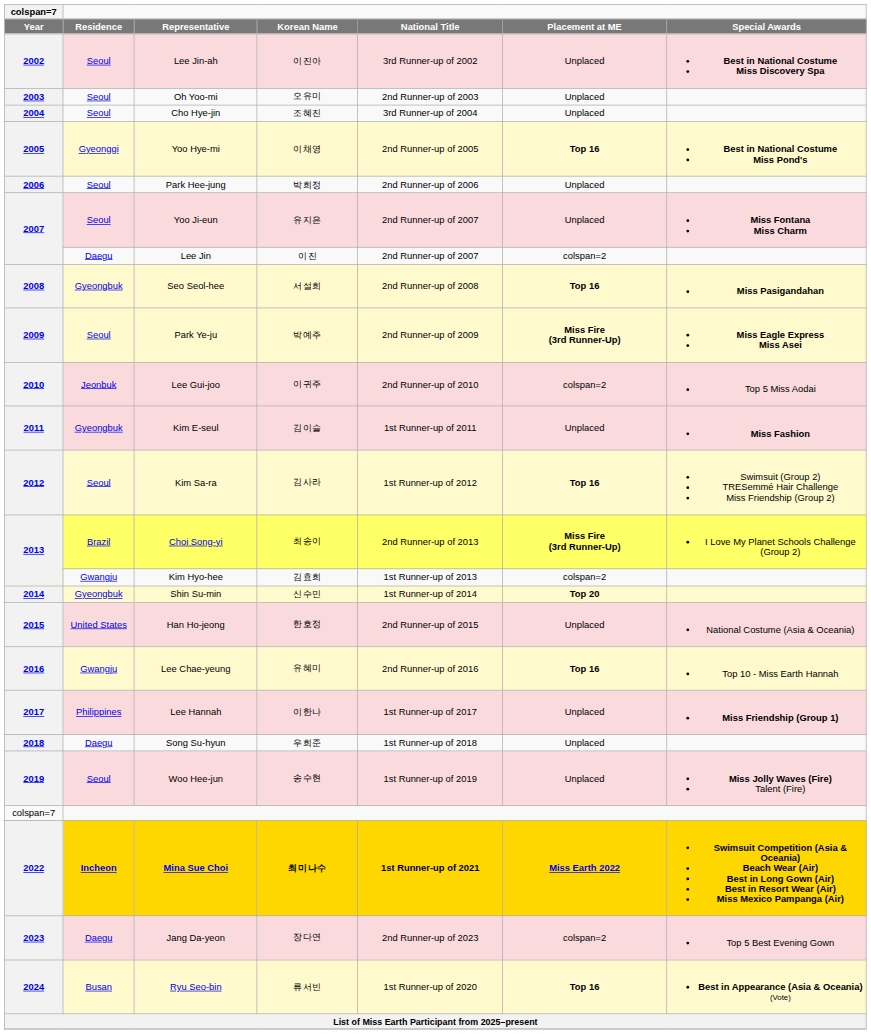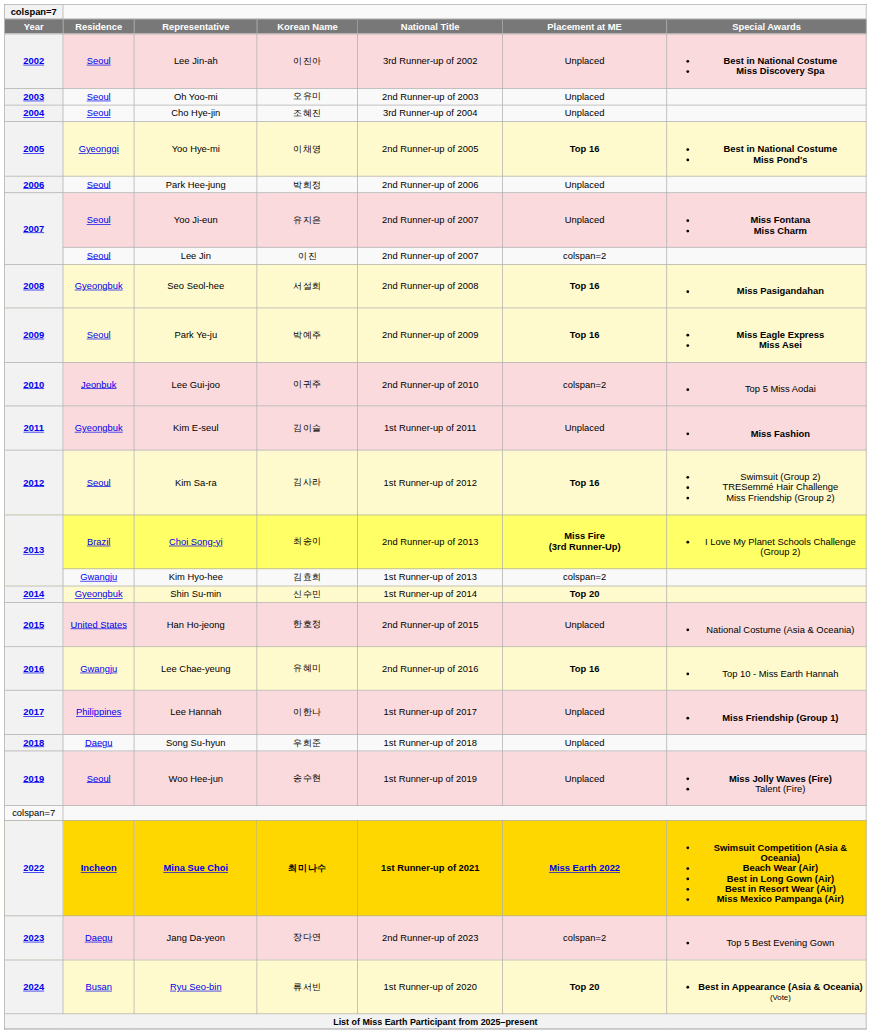 <table class="wikitable sortable" style="font-size: 85%; text-align:center">
 <tr>
 <th>colspan=7 </th>
 </tr>
 <tr>
 <th width="80" style="background-color:#787878;color:#FFFFFF;">Year</th>
 <th width="100" style="background-color:#787878;color:#FFFFFF;">Residence</th>
 <th width="180" style="background-color:#787878;color:#FFFFFF;">Representative</th>
 <th width="150" style="background-color:#787878;color:#FFFFFF;">Korean Name</th>
 <th width="220" style="background-color:#787878;color:#FFFFFF;">National Title</th>
 <th width="250" style="background-color:#787878;color:#FFFFFF;">Placement at ME</th>
 <th width="300" style="background-color:#787878;color:#FFFFFF;">Special Awards</th>
 </tr>
 <tr style="background-color:#FADADD;: bold">
 <th><a href='#'>2002</a></th>
 <td><a href='#'>Seoul</a></td>
 <td>Lee Jin-ah</td>
 <td>이진아</td>
 <td>3rd Runner-up of 2002</td>
 <td>Unplaced</td>
 <td><br><ul><li><strong>Best in National Costume</strong></li><li><strong>Miss Discovery Spa</strong></li></ul></td>
 </tr>
 <tr>
 <th><a href='#'>2003</a></th>
 <td><a href='#'>Seoul</a></td>
 <td>Oh Yoo-mi</td>
 <td>오유미</td>
 <td>2nd Runner-up of 2003</td>
 <td>Unplaced</td>
 <td></td>
 </tr>
 <tr>
 <th><a href='#'>2004</a></th>
 <td><a href='#'>Seoul</a></td>
 <td>Cho Hye-jin</td>
 <td>조혜진</td>
 <td>3rd Runner-up of 2004</td>
 <td>Unplaced</td>
 <td></td>
 </tr>
 <tr style="background-color:#FFFACD; ">
 <th><a href='#'>2005</a></th>
 <td><a href='#'>Gyeonggi</a></td>
 <td>Yoo Hye-mi</td>
 <td>이채영</td>
 <td>2nd Runner-up of 2005</td>
 <td><strong>Top 16</strong></td>
 <td><br><ul><li><strong>Best in National Costume</strong></li><li><strong>Miss Pond's</strong></li></ul></td>
 </tr>
 <tr>
 <th><a href='#'>2006</a></th>
 <td><a href='#'>Seoul</a></td>
 <td>Park Hee-jung</td>
 <td>박희정</td>
 <td>2nd Runner-up of 2006</td>
 <td>Unplaced</td>
 <td></td>
 </tr>
 <tr style="background-color:#FADADD;: bold">
 <th rowspan="2"><a href='#'>2007</a></th>
 <td><a href='#'>Seoul</a></td>
 <td>Yoo Ji-eun</td>
 <td>유지은</td>
 <td>2nd Runner-up of 2007</td>
 <td>Unplaced</td>
 <td><br><ul><li><strong>Miss Fontana</strong></li><li><strong>Miss Charm</strong></li></ul></td>
 </tr>
 <tr>
-<td><a href='#'>Daegu</a></td>
+<td><a href='#'>Seoul</a></td>
 <td>Lee Jin</td>
 <td>이진</td>
 <td>2nd Runner-up of 2007</td>
 <td>colspan=2 </td>
 </tr>
 <tr style="background-color:#FFFACD; ">
 <th><a href='#'>2008</a></th>
 <td><a href='#'>Gyeongbuk</a></td>
 <td>Seo Seol-hee</td>
 <td>서설희</td>
 <td>2nd Runner-up of 2008</td>
 <td><strong>Top 16</strong></td>
 <td><br><ul><li><strong>Miss Pasigandahan</strong></li></ul></td>
 </tr>
 <tr style="background-color:#FFFACD; ">
 <th><a href='#'>2009</a></th>
 <td><a href='#'>Seoul</a></td>
 <td>Park Ye-ju</td>
 <td>박예주</td>
 <td>2nd Runner-up of 2009</td>
-<td><strong>Miss Fire <br>(3rd Runner-Up)</strong></td>
+<td><strong>Top 16</strong></td>
 <td><br><ul><li><strong>Miss Eagle Express</strong></li><li><strong>Miss Asei</strong></li></ul></td>
 </tr>
 <tr style="background-color:#FADADD;: bold">
 <th><a href='#'>2010</a></th>
 <td><a href='#'>Jeonbuk</a></td>
 <td>Lee Gui-joo</td>
 <td>이귀주</td>
 <td>2nd Runner-up of 2010</td>
 <td>colspan=2 </td>
 <td><br><ul><li>Top 5 Miss Aodai</li></ul></td>
 </tr>
 <tr style="background-color:#FADADD;: bold">
 <th><a href='#'>2011</a></th>
 <td><a href='#'>Gyeongbuk</a></td>
 <td>Kim E-seul</td>
 <td>김이슬</td>
 <td>1st Runner-up of 2011</td>
 <td>Unplaced</td>
 <td><br><ul><li><strong>Miss Fashion</strong></li></ul></td>
 </tr>
 <tr style="background-color:#FFFACD; ">
 <th><a href='#'>2012</a></th>
 <td><a href='#'>Seoul</a></td>
 <td>Kim Sa-ra</td>
 <td>김사라</td>
 <td>1st Runner-up of 2012</td>
 <td><strong>Top 16</strong></td>
 <td><br><ul><li> Swimsuit (Group 2)</li><li> TRESemmé Hair Challenge</li><li> Miss Friendship (Group 2)</li></ul></td>
 </tr>
 <tr style="background-color:#FFFF66; ">
 <th rowspan="2"><a href='#'>2013</a></th>
 <td><a href='#'>Brazil</a></td>
 <td><a href='#'>Choi Song-yi</a></td>
 <td>최송이</td>
 <td>2nd Runner-up of 2013</td>
 <td><strong>Miss Fire <br>(3rd Runner-Up)</strong></td>
 <td><br><ul><li> I Love My Planet Schools Challenge (Group 2)</li></ul></td>
 </tr>
 <tr>
 <td><a href='#'>Gwangju</a></td>
 <td>Kim Hyo-hee</td>
 <td>김효희</td>
 <td>1st Runner-up of 2013</td>
 <td>colspan=2 </td>
 </tr>
 <tr style="background-color:#FFFACD; ">
 <th><a href='#'>2014</a></th>
 <td><a href='#'>Gyeongbuk</a></td>
 <td>Shin Su-min</td>
 <td>신수민</td>
 <td>1st Runner-up of 2014</td>
 <td><strong>Top 20</strong></td>
 <td></td>
 </tr>
 <tr style="background-color:#FADADD;: bold">
 <th><a href='#'>2015</a></th>
 <td><a href='#'>United States</a></td>
 <td>Han Ho-jeong</td>
 <td>한호정</td>
 <td>2nd Runner-up of 2015</td>
 <td>Unplaced</td>
 <td><br><ul><li> National Costume (Asia & Oceania)</li></ul></td>
 </tr>
 <tr style="background-color:#FFFACD;">
 <th><a href='#'>2016</a></th>
 <td><a href='#'>Gwangju</a></td>
 <td>Lee Chae-yeung</td>
 <td>유혜미</td>
 <td>2nd Runner-up of 2016</td>
 <td><strong>Top 16</strong></td>
 <td><br><ul><li>Top 10 - Miss Earth Hannah</li></ul></td>
 </tr>
 <tr style="background-color:#FADADD;: bold">
 <th><a href='#'>2017</a></th>
 <td><a href='#'>Philippines</a></td>
 <td>Lee Hannah</td>
 <td>이한나</td>
 <td>1st Runner-up of 2017</td>
 <td>Unplaced</td>
 <td><br><ul><li><strong> Miss Friendship (Group 1)</strong></li></ul></td>
 </tr>
 <tr>
 <th><a href='#'>2018</a></th>
 <td><a href='#'>Daegu</a></td>
 <td>Song Su-hyun</td>
 <td>우희준</td>
 <td>1st Runner-up of 2018</td>
 <td>Unplaced</td>
 <td></td>
 </tr>
 <tr style="background-color:#FADADD;: bold">
 <th><a href='#'>2019</a></th>
 <td><a href='#'>Seoul</a></td>
 <td>Woo Hee-jun</td>
 <td>송수현</td>
 <td>1st Runner-up of 2019</td>
 <td>Unplaced</td>
 <td><br><ul><li><strong>Miss Jolly Waves (Fire)</strong></li><li> Talent (Fire)</li></ul></td>
 </tr>
 <tr>
 <td>colspan=7 </td>
 </tr>
 <tr align="center" style="background:gold; font-weight: bold">
 <th><a href='#'>2022</a></th>
 <td><a href='#'>Incheon</a></td>
 <td><a href='#'>Mina Sue Choi</a></td>
 <td>최미나수</td>
 <td>1st Runner-up of 2021</td>
 <td><a href='#'>Miss Earth 2022</a></td>
 <td><br><ul><li><strong> Swimsuit Competition (Asia & Oceania)</strong></li><li><strong> Beach Wear (Air)</strong></li><li><strong> Best in Long Gown (Air)</strong></li><li><strong> Best in Resort Wear (Air)</strong></li><li><strong>Miss Mexico Pampanga (Air)</strong></li></ul></td>
 </tr>
 <tr style="background-color:#FADADD;: bold">
 <th><a href='#'>2023</a></th>
 <td><a href='#'>Daegu</a></td>
 <td>Jang Da-yeon</td>
 <td>장다연</td>
 <td>2nd Runner-up of 2023</td>
 <td>colspan=2 </td>
 <td><br><ul><li>Top 5 Best Evening Gown</li></ul></td>
 </tr>
 <tr style="background-color:#FFFACD;">
 <th><a href='#'>2024</a></th>
 <td><a href='#'>Busan</a></td>
 <td><a href='#'>Ryu Seo-bin</a></td>
 <td>류서빈</td>
 <td>1st Runner-up of 2020</td>
-<td><strong>Top 16</strong></td>
+<td><strong>Top 20</strong></td>
 <td><br><ul><li><strong>Best in Appearance (Asia & Oceania)</strong> <small>(Vote)</small></li></ul></td>
 </tr>
 <tr>
 <th colspan="8" style="font-size:95%;">List of Miss Earth Participant from 2025–present</th>
 </tr>
 <tr>
 </tr>
 </table>
